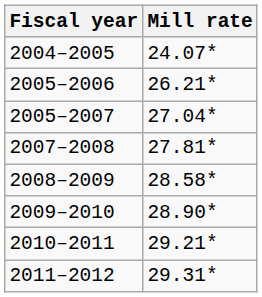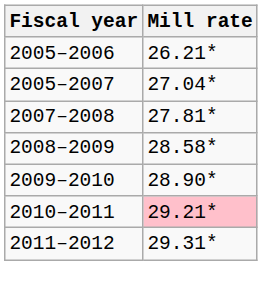 <table class="wikitable" style="display: inline-table;">
 <tr>
 <th>Fiscal year</th>
 <th>Mill rate</th>
-</tr>
-<tr>
-<td>2004–2005</td>
-<td>24.07*</td>
 </tr>
 <tr>
 <td>2005–2006</td>
 <td>26.21*</td>
 </tr>
 <tr>
 <td>2005–2007</td>
 <td>27.04*</td>
 </tr>
 <tr>
 <td>2007–2008</td>
 <td>27.81*</td>
 </tr>
 <tr>
 <td>2008–2009</td>
 <td>28.58*</td>
 </tr>
 <tr>
 <td>2009–2010</td>
 <td>28.90*</td>
 </tr>
 <tr>
 <td>2010–2011</td>
-<td>29.21*</td>
+<td style="background: pink;">29.21*</td>
 </tr>
 <tr>
 <td>2011–2012</td>
 <td>29.31*</td>
 </tr>
 </table>
